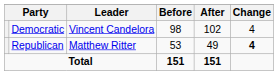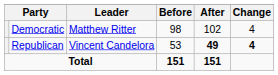 <table class="wikitable" style="text-align:center;">
 <tr>
 </tr>
 <tr>
 <th colspan="2">Party</th>
 <th>Leader</th>
 <th style="width:3em">Before</th>
 <th style="width:3em">After</th>
 <th style="width:3em">Change</th>
 </tr>
 <tr>
 <th style="background-color:"></th>
 <td style="text-align:left;"><a href='#'>Democratic</a></td>
-<td style="text-align:left;"><a href='#'>Vincent Candelora</a></td>
+<td style="text-align:left;"><a href='#'>Matthew Ritter</a></td>
 <td>98</td>
 <td>102</td>
 <td> 4</td>
 </tr>
 <tr>
 <th style="background-color:"></th>
 <td style="text-align:left;"><a href='#'>Republican</a></td>
-<td style="text-align:left;"><a href='#'>Matthew Ritter</a></td>
+<td style="text-align:left;"><a href='#'>Vincent Candelora</a></td>
 <td>53</td>
-<td>49</td>
+<td><strong>49</strong></td>
 <td><strong> 4</strong></td>
 </tr>
 <tr>
 <td colspan="3"><strong>Total</strong></td>
 <td><strong>151</strong></td>
 <td><strong>151</strong></td>
 <td></td>
 </tr>
 </table>
